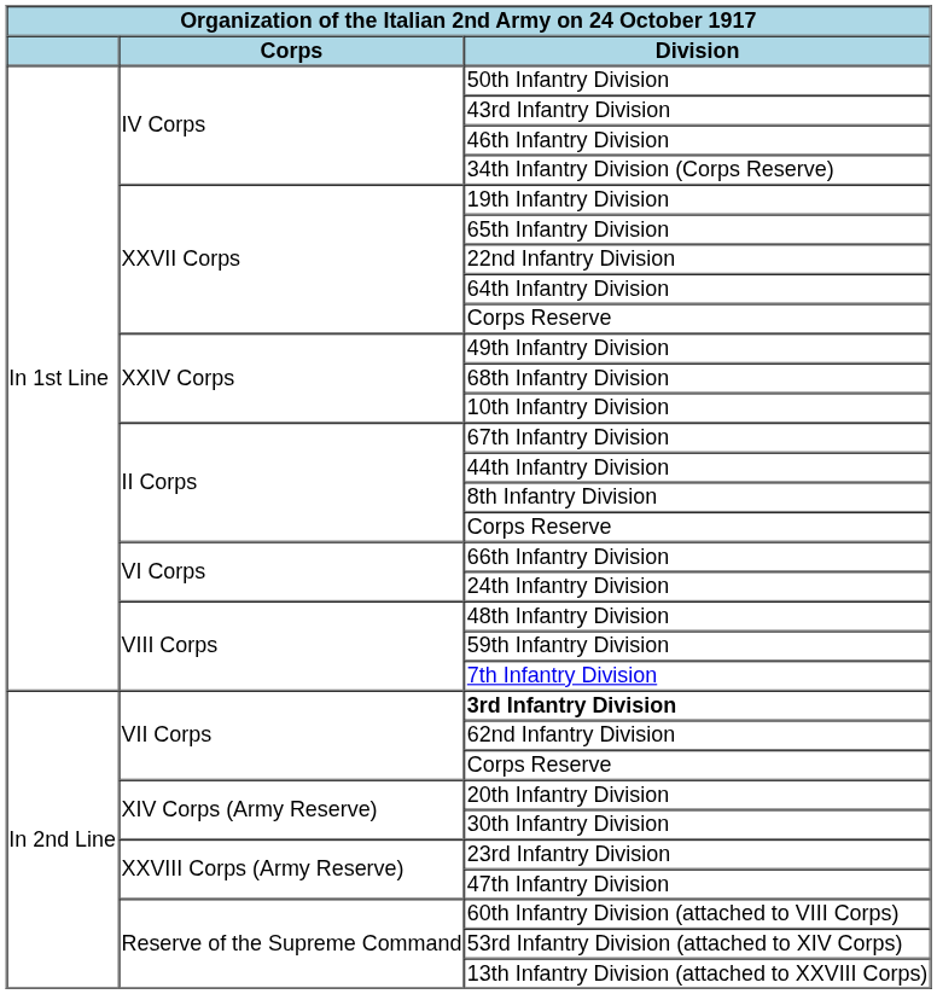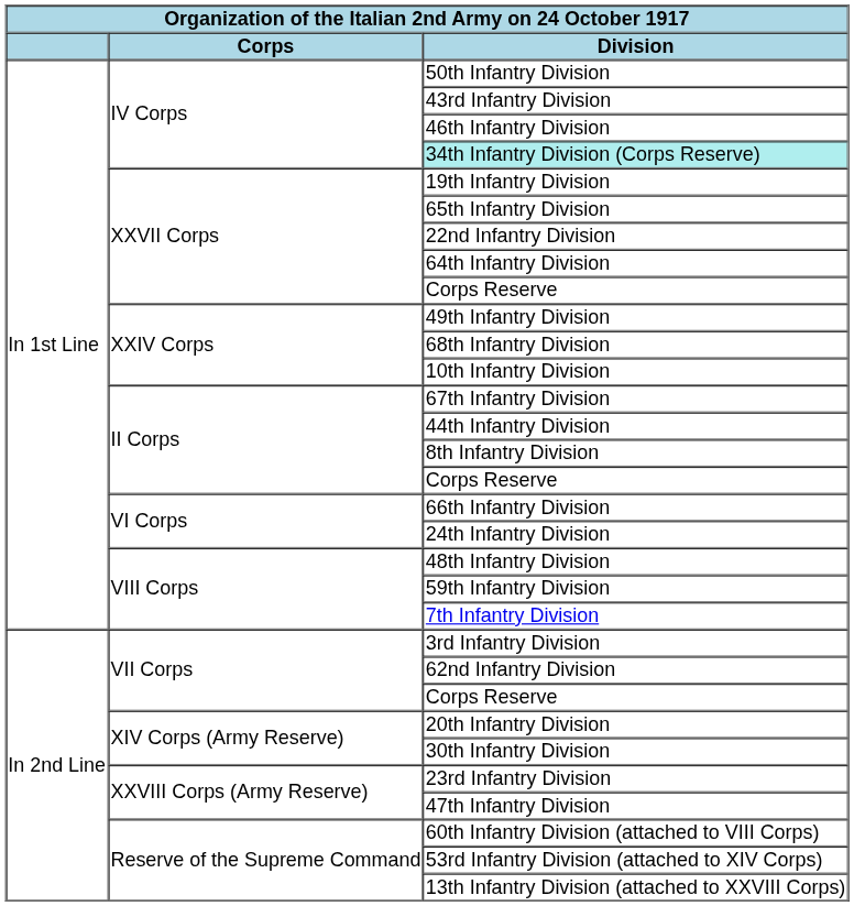 <table style="float: right;" border="1" cellpadding="1" cellspacing="0" style="font-size: 100%; border: gray solid 1px; border-collapse: collapse; text-align: center;">
 <tr style="background-color:lightblue; color:black;">
 <th colspan="3">Organization of the Italian 2nd Army on 24 October 1917</th>
 </tr>
 <tr>
 </tr>
 <tr style="background-color:lightblue; color:black;">
 <th></th>
 <th>Corps</th>
 <th>Division</th>
 </tr>
 <tr>
 <td rowspan=21>In 1st Line</td>
 <td rowspan=4>IV Corps</td>
 <td>50th Infantry Division</td>
 </tr>
 <tr>
 <td>43rd Infantry Division</td>
 </tr>
 <tr>
 <td>46th Infantry Division</td>
 </tr>
 <tr>
-<td>34th Infantry Division (Corps Reserve)</td>
+<td style="background: paleturquoise;">34th Infantry Division (Corps Reserve)</td>
 </tr>
 <tr>
 <td rowspan=5>XXVII Corps</td>
 <td>19th Infantry Division</td>
 </tr>
 <tr>
 <td>65th Infantry Division</td>
 </tr>
 <tr>
 <td>22nd Infantry Division</td>
 </tr>
 <tr>
 <td>64th Infantry Division</td>
 </tr>
 <tr>
 <td>Corps Reserve</td>
 </tr>
 <tr>
 <td rowspan=3>XXIV Corps</td>
 <td>49th Infantry Division</td>
 </tr>
 <tr>
 <td>68th Infantry Division</td>
 </tr>
 <tr>
 <td>10th Infantry Division</td>
 </tr>
 <tr>
 <td rowspan=4>II Corps</td>
 <td>67th Infantry Division</td>
 </tr>
 <tr>
 <td>44th Infantry Division</td>
 </tr>
 <tr>
 <td>8th Infantry Division</td>
 </tr>
 <tr>
 <td>Corps Reserve</td>
 </tr>
 <tr>
 <td rowspan=2>VI Corps</td>
 <td>66th Infantry Division</td>
 </tr>
 <tr>
 <td>24th Infantry Division</td>
 </tr>
 <tr>
 <td rowspan=3>VIII Corps</td>
 <td>48th Infantry Division</td>
 </tr>
 <tr>
 <td>59th Infantry Division</td>
 </tr>
 <tr>
 <td><a href='#'>7th Infantry Division</a></td>
 </tr>
 <tr>
 <td rowspan=10>In 2nd Line</td>
 <td rowspan=3>VII Corps</td>
-<td><strong>3rd Infantry Division</strong></td>
+<td>3rd Infantry Division</td>
 </tr>
 <tr>
 <td>62nd Infantry Division</td>
 </tr>
 <tr>
 <td>Corps Reserve</td>
 </tr>
 <tr>
 <td rowspan=2>XIV Corps (Army Reserve)</td>
 <td>20th Infantry Division</td>
 </tr>
 <tr>
 <td>30th Infantry Division</td>
 </tr>
 <tr>
 <td rowspan=2>XXVIII Corps (Army Reserve)</td>
 <td>23rd Infantry Division</td>
 </tr>
 <tr>
 <td>47th Infantry Division</td>
 </tr>
 <tr>
 <td rowspan=3>Reserve of the Supreme Command</td>
 <td>60th Infantry Division (attached to VIII Corps)</td>
 </tr>
 <tr>
 <td>53rd Infantry Division (attached to XIV Corps)</td>
 </tr>
 <tr>
 <td>13th Infantry Division (attached to XXVIII Corps)</td>
 </tr>
 </table>
